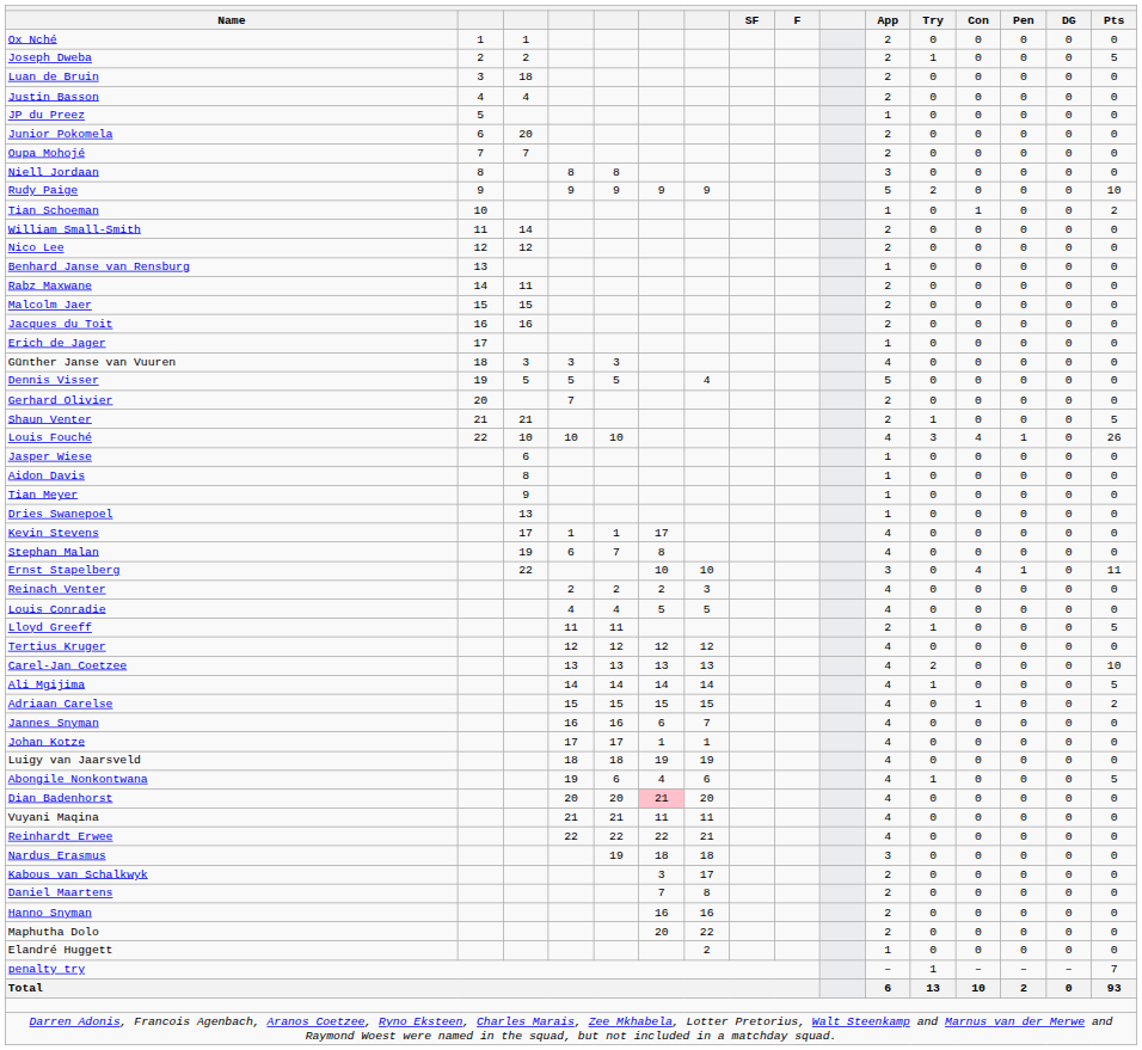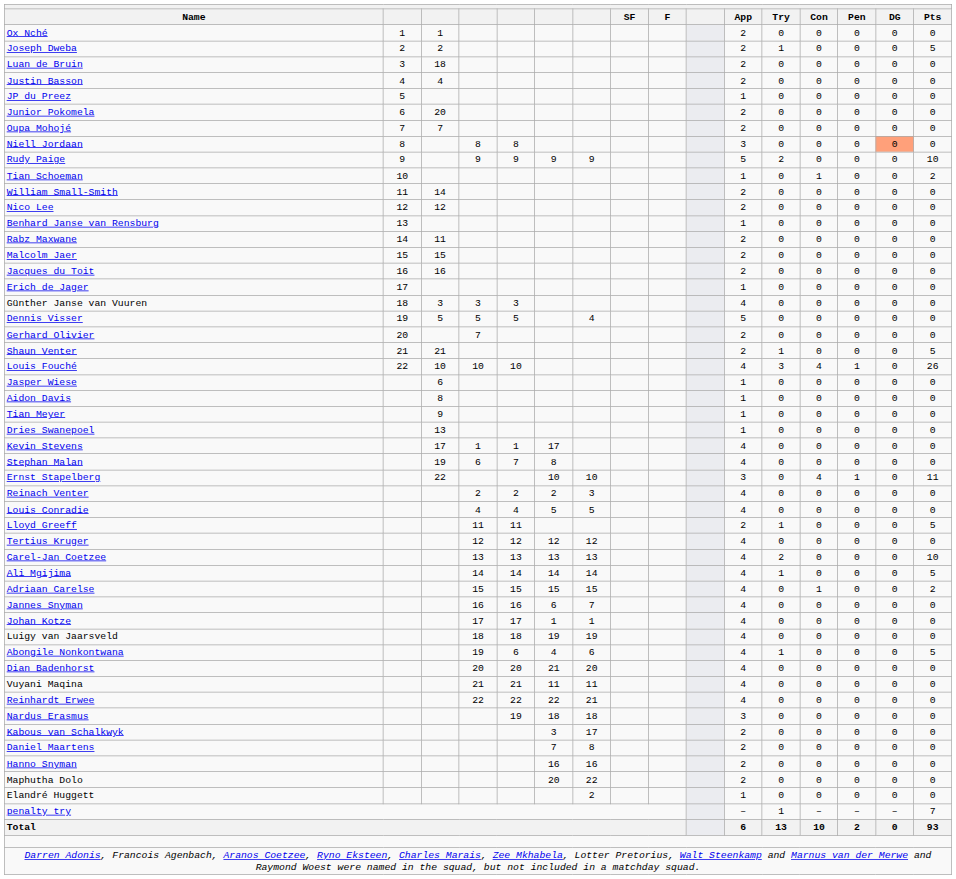 <table class="wikitable collapsible collapsed" style="text-align:center; font-size:100%; width:100%">
 <tr>
 <th colspan=16></th>
 </tr>
 <tr>
 <th style="width:40%;">Name</th>
 <th style="width:4%;"></th>
 <th style="width:4%;"></th>
 <th style="width:4%;"></th>
 <th style="width:4%;"></th>
 <th style="width:4%;"></th>
 <th style="width:4%;"></th>
 <th style="width:4%;">SF</th>
 <th style="width:4%;">F</th>
 <th style="width:4%;"></th>
 <th style="width:4%;">App</th>
 <th style="width:4%;">Try</th>
 <th style="width:4%;">Con</th>
 <th style="width:4%;">Pen</th>
 <th style="width:4%;">DG</th>
 <th style="width:4%;">Pts</th>
 </tr>
 <tr>
 <td style="text-align:left;"><a href='#'>Ox Nché</a></td>
 <td>1</td>
 <td>1</td>
 <td></td>
 <td></td>
 <td></td>
 <td></td>
 <td></td>
 <td></td>
 <td style="background:#EBECF0;"></td>
 <td>2</td>
 <td>0</td>
 <td>0</td>
 <td>0</td>
 <td>0</td>
 <td>0</td>
 </tr>
 <tr>
 <td style="text-align:left;"><a href='#'>Joseph Dweba</a></td>
 <td>2</td>
 <td>2</td>
 <td></td>
 <td></td>
 <td></td>
 <td></td>
 <td></td>
 <td></td>
 <td style="background:#EBECF0;"></td>
 <td>2</td>
 <td>1</td>
 <td>0</td>
 <td>0</td>
 <td>0</td>
 <td>5</td>
 </tr>
 <tr>
 <td style="text-align:left;"><a href='#'>Luan de Bruin</a></td>
 <td>3</td>
 <td>18 </td>
 <td></td>
 <td></td>
 <td></td>
 <td></td>
 <td></td>
 <td></td>
 <td style="background:#EBECF0;"></td>
 <td>2</td>
 <td>0</td>
 <td>0</td>
 <td>0</td>
 <td>0</td>
 <td>0</td>
 </tr>
 <tr>
 <td style="text-align:left;"><a href='#'>Justin Basson</a></td>
 <td>4</td>
 <td>4</td>
 <td></td>
 <td></td>
 <td></td>
 <td></td>
 <td></td>
 <td></td>
 <td style="background:#EBECF0;"></td>
 <td>2</td>
 <td>0</td>
 <td>0</td>
 <td>0</td>
 <td>0</td>
 <td>0</td>
 </tr>
 <tr>
 <td style="text-align:left;"><a href='#'>JP du Preez</a></td>
 <td>5</td>
 <td></td>
 <td></td>
 <td></td>
 <td></td>
 <td></td>
 <td></td>
 <td></td>
 <td style="background:#EBECF0;"></td>
 <td>1</td>
 <td>0</td>
 <td>0</td>
 <td>0</td>
 <td>0</td>
 <td>0</td>
 </tr>
 <tr>
 <td style="text-align:left;"><a href='#'>Junior Pokomela</a></td>
 <td>6</td>
 <td>20 </td>
 <td></td>
 <td></td>
 <td></td>
 <td></td>
 <td></td>
 <td></td>
 <td style="background:#EBECF0;"></td>
 <td>2</td>
 <td>0</td>
 <td>0</td>
 <td>0</td>
 <td>0</td>
 <td>0</td>
 </tr>
 <tr>
 <td style="text-align:left;"><a href='#'>Oupa Mohojé</a></td>
 <td>7</td>
 <td>7</td>
 <td></td>
 <td></td>
 <td></td>
 <td></td>
 <td></td>
 <td></td>
 <td style="background:#EBECF0;"></td>
 <td>2</td>
 <td>0</td>
 <td>0</td>
 <td>0</td>
 <td>0</td>
 <td>0</td>
 </tr>
 <tr>
 <td style="text-align:left;"><a href='#'>Niell Jordaan</a></td>
 <td>8</td>
 <td></td>
 <td>8</td>
 <td>8</td>
 <td></td>
 <td></td>
 <td></td>
 <td></td>
 <td style="background:#EBECF0;"></td>
 <td>3</td>
 <td>0</td>
 <td>0</td>
 <td>0</td>
-<td>0</td>
+<td style="background: lightsalmon;">0</td>
 <td>0</td>
 </tr>
 <tr>
 <td style="text-align:left;"><a href='#'>Rudy Paige</a></td>
 <td>9</td>
 <td></td>
 <td>9</td>
 <td>9</td>
 <td>9</td>
 <td>9</td>
 <td></td>
 <td></td>
 <td style="background:#EBECF0;"></td>
 <td>5</td>
 <td>2</td>
 <td>0</td>
 <td>0</td>
 <td>0</td>
 <td>10</td>
 </tr>
 <tr>
 <td style="text-align:left;"><a href='#'>Tian Schoeman</a></td>
 <td>10</td>
 <td></td>
 <td></td>
 <td></td>
 <td></td>
 <td></td>
 <td></td>
 <td></td>
 <td style="background:#EBECF0;"></td>
 <td>1</td>
 <td>0</td>
 <td>1</td>
 <td>0</td>
 <td>0</td>
 <td>2</td>
 </tr>
 <tr>
 <td style="text-align:left;"><a href='#'>William Small-Smith</a></td>
 <td>11</td>
 <td>14</td>
 <td></td>
 <td></td>
 <td></td>
 <td></td>
 <td></td>
 <td></td>
 <td style="background:#EBECF0;"></td>
 <td>2</td>
 <td>0</td>
 <td>0</td>
 <td>0</td>
 <td>0</td>
 <td>0</td>
 </tr>
 <tr>
 <td style="text-align:left;"><a href='#'>Nico Lee</a></td>
 <td>12</td>
 <td>12</td>
 <td></td>
 <td></td>
 <td></td>
 <td></td>
 <td></td>
 <td></td>
 <td style="background:#EBECF0;"></td>
 <td>2</td>
 <td>0</td>
 <td>0</td>
 <td>0</td>
 <td>0</td>
 <td>0</td>
 </tr>
 <tr>
 <td style="text-align:left;"><a href='#'>Benhard Janse van Rensburg</a></td>
 <td>13</td>
 <td></td>
 <td></td>
 <td></td>
 <td></td>
 <td></td>
 <td></td>
 <td></td>
 <td style="background:#EBECF0;"></td>
 <td>1</td>
 <td>0</td>
 <td>0</td>
 <td>0</td>
 <td>0</td>
 <td>0</td>
 </tr>
 <tr>
 <td style="text-align:left;"><a href='#'>Rabz Maxwane</a></td>
 <td>14</td>
 <td>11</td>
 <td></td>
 <td></td>
 <td></td>
 <td></td>
 <td></td>
 <td></td>
 <td style="background:#EBECF0;"></td>
 <td>2</td>
 <td>0</td>
 <td>0</td>
 <td>0</td>
 <td>0</td>
 <td>0</td>
 </tr>
 <tr>
 <td style="text-align:left;"><a href='#'>Malcolm Jaer</a></td>
 <td>15</td>
 <td>15</td>
 <td></td>
 <td></td>
 <td></td>
 <td></td>
 <td></td>
 <td></td>
 <td style="background:#EBECF0;"></td>
 <td>2</td>
 <td>0</td>
 <td>0</td>
 <td>0</td>
 <td>0</td>
 <td>0</td>
 </tr>
 <tr>
 <td style="text-align:left;"><a href='#'>Jacques du Toit</a></td>
 <td>16 </td>
 <td>16 </td>
 <td></td>
 <td></td>
 <td></td>
 <td></td>
 <td></td>
 <td></td>
 <td style="background:#EBECF0;"></td>
 <td>2</td>
 <td>0</td>
 <td>0</td>
 <td>0</td>
 <td>0</td>
 <td>0</td>
 </tr>
 <tr>
 <td style="text-align:left;"><a href='#'>Erich de Jager</a></td>
 <td>17 </td>
 <td></td>
 <td></td>
 <td></td>
 <td></td>
 <td></td>
 <td></td>
 <td></td>
 <td style="background:#EBECF0;"></td>
 <td>1</td>
 <td>0</td>
 <td>0</td>
 <td>0</td>
 <td>0</td>
 <td>0</td>
 </tr>
 <tr>
 <td style="text-align:left;">Günther Janse van Vuuren</td>
 <td>18 </td>
 <td>3</td>
 <td>3</td>
 <td>3</td>
 <td></td>
 <td></td>
 <td></td>
 <td></td>
 <td style="background:#EBECF0;"></td>
 <td>4</td>
 <td>0</td>
 <td>0</td>
 <td>0</td>
 <td>0</td>
 <td>0</td>
 </tr>
 <tr>
 <td style="text-align:left;"><a href='#'>Dennis Visser</a></td>
 <td>19 </td>
 <td>5</td>
 <td>5</td>
 <td>5</td>
 <td></td>
 <td>4</td>
 <td></td>
 <td></td>
 <td style="background:#EBECF0;"></td>
 <td>5</td>
 <td>0</td>
 <td>0</td>
 <td>0</td>
 <td>0</td>
 <td>0</td>
 </tr>
 <tr>
 <td style="text-align:left;"><a href='#'>Gerhard Olivier</a></td>
 <td>20 </td>
 <td></td>
 <td>7</td>
 <td></td>
 <td></td>
 <td></td>
 <td></td>
 <td></td>
 <td style="background:#EBECF0;"></td>
 <td>2</td>
 <td>0</td>
 <td>0</td>
 <td>0</td>
 <td>0</td>
 <td>0</td>
 </tr>
 <tr>
 <td style="text-align:left;"><a href='#'>Shaun Venter</a></td>
 <td>21 </td>
 <td>21 </td>
 <td></td>
 <td></td>
 <td></td>
 <td></td>
 <td></td>
 <td></td>
 <td style="background:#EBECF0;"></td>
 <td>2</td>
 <td>1</td>
 <td>0</td>
 <td>0</td>
 <td>0</td>
 <td>5</td>
 </tr>
 <tr>
 <td style="text-align:left;"><a href='#'>Louis Fouché</a></td>
 <td>22 </td>
 <td>10</td>
 <td>10</td>
 <td>10</td>
 <td></td>
 <td></td>
 <td></td>
 <td></td>
 <td style="background:#EBECF0;"></td>
 <td>4</td>
 <td>3</td>
 <td>4</td>
 <td>1</td>
 <td>0</td>
 <td>26</td>
 </tr>
 <tr>
 <td style="text-align:left;"><a href='#'>Jasper Wiese</a></td>
 <td></td>
 <td>6</td>
 <td></td>
 <td></td>
 <td></td>
 <td></td>
 <td></td>
 <td></td>
 <td style="background:#EBECF0;"></td>
 <td>1</td>
 <td>0</td>
 <td>0</td>
 <td>0</td>
 <td>0</td>
 <td>0</td>
 </tr>
 <tr>
 <td style="text-align:left;"><a href='#'>Aidon Davis</a></td>
 <td></td>
 <td>8</td>
 <td></td>
 <td></td>
 <td></td>
 <td></td>
 <td></td>
 <td></td>
 <td style="background:#EBECF0;"></td>
 <td>1</td>
 <td>0</td>
 <td>0</td>
 <td>0</td>
 <td>0</td>
 <td>0</td>
 </tr>
 <tr>
 <td style="text-align:left;"><a href='#'>Tian Meyer</a></td>
 <td></td>
 <td>9</td>
 <td></td>
 <td></td>
 <td></td>
 <td></td>
 <td></td>
 <td></td>
 <td style="background:#EBECF0;"></td>
 <td>1</td>
 <td>0</td>
 <td>0</td>
 <td>0</td>
 <td>0</td>
 <td>0</td>
 </tr>
 <tr>
 <td style="text-align:left;"><a href='#'>Dries Swanepoel</a></td>
 <td></td>
 <td>13</td>
 <td></td>
 <td></td>
 <td></td>
 <td></td>
 <td></td>
 <td></td>
 <td style="background:#EBECF0;"></td>
 <td>1</td>
 <td>0</td>
 <td>0</td>
 <td>0</td>
 <td>0</td>
 <td>0</td>
 </tr>
 <tr>
 <td style="text-align:left;"><a href='#'>Kevin Stevens</a></td>
 <td></td>
 <td>17 </td>
 <td>1</td>
 <td>1</td>
 <td>17 </td>
 <td></td>
 <td></td>
 <td></td>
 <td style="background:#EBECF0;"></td>
 <td>4</td>
 <td>0</td>
 <td>0</td>
 <td>0</td>
 <td>0</td>
 <td>0</td>
 </tr>
 <tr>
 <td style="text-align:left;"><a href='#'>Stephan Malan</a></td>
 <td></td>
 <td>19 </td>
 <td>6</td>
 <td>7</td>
 <td>8</td>
 <td></td>
 <td></td>
 <td></td>
 <td style="background:#EBECF0;"></td>
 <td>4</td>
 <td>0</td>
 <td>0</td>
 <td>0</td>
 <td>0</td>
 <td>0</td>
 </tr>
 <tr>
 <td style="text-align:left;"><a href='#'>Ernst Stapelberg</a></td>
 <td></td>
 <td>22 </td>
 <td></td>
 <td></td>
 <td>10</td>
 <td>10</td>
 <td></td>
 <td></td>
 <td style="background:#EBECF0;"></td>
 <td>3</td>
 <td>0</td>
 <td>4</td>
 <td>1</td>
 <td>0</td>
 <td>11</td>
 </tr>
 <tr>
 <td style="text-align:left;"><a href='#'>Reinach Venter</a></td>
 <td></td>
 <td></td>
 <td>2</td>
 <td>2</td>
 <td>2</td>
 <td>3</td>
 <td></td>
 <td></td>
 <td style="background:#EBECF0;"></td>
 <td>4</td>
 <td>0</td>
 <td>0</td>
 <td>0</td>
 <td>0</td>
 <td>0</td>
 </tr>
 <tr>
 <td style="text-align:left;"><a href='#'>Louis Conradie</a></td>
 <td></td>
 <td></td>
 <td>4</td>
 <td>4</td>
 <td>5</td>
 <td>5</td>
 <td></td>
 <td></td>
 <td style="background:#EBECF0;"></td>
 <td>4</td>
 <td>0</td>
 <td>0</td>
 <td>0</td>
 <td>0</td>
 <td>0</td>
 </tr>
 <tr>
 <td style="text-align:left;"><a href='#'>Lloyd Greeff</a></td>
 <td></td>
 <td></td>
 <td>11</td>
 <td>11</td>
 <td></td>
 <td></td>
 <td></td>
 <td></td>
 <td style="background:#EBECF0;"></td>
 <td>2</td>
 <td>1</td>
 <td>0</td>
 <td>0</td>
 <td>0</td>
 <td>5</td>
 </tr>
 <tr>
 <td style="text-align:left;"><a href='#'>Tertius Kruger</a></td>
 <td></td>
 <td></td>
 <td>12</td>
 <td>12</td>
 <td>12</td>
 <td>12</td>
 <td></td>
 <td></td>
 <td style="background:#EBECF0;"></td>
 <td>4</td>
 <td>0</td>
 <td>0</td>
 <td>0</td>
 <td>0</td>
 <td>0</td>
 </tr>
 <tr>
 <td style="text-align:left;"><a href='#'>Carel-Jan Coetzee</a></td>
 <td></td>
 <td></td>
 <td>13</td>
 <td>13</td>
 <td>13</td>
 <td>13</td>
 <td></td>
 <td></td>
 <td style="background:#EBECF0;"></td>
 <td>4</td>
 <td>2</td>
 <td>0</td>
 <td>0</td>
 <td>0</td>
 <td>10</td>
 </tr>
 <tr>
 <td style="text-align:left;"><a href='#'>Ali Mgijima</a></td>
 <td></td>
 <td></td>
 <td>14</td>
 <td>14</td>
 <td>14</td>
 <td>14</td>
 <td></td>
 <td></td>
 <td style="background:#EBECF0;"></td>
 <td>4</td>
 <td>1</td>
 <td>0</td>
 <td>0</td>
 <td>0</td>
 <td>5</td>
 </tr>
 <tr>
 <td style="text-align:left;"><a href='#'>Adriaan Carelse</a></td>
 <td></td>
 <td></td>
 <td>15</td>
 <td>15</td>
 <td>15</td>
 <td>15</td>
 <td></td>
 <td></td>
 <td style="background:#EBECF0;"></td>
 <td>4</td>
 <td>0</td>
 <td>1</td>
 <td>0</td>
 <td>0</td>
 <td>2</td>
 </tr>
 <tr>
 <td style="text-align:left;"><a href='#'>Jannes Snyman</a></td>
 <td></td>
 <td></td>
 <td>16 </td>
 <td>16 </td>
 <td>6</td>
 <td>7</td>
 <td></td>
 <td></td>
 <td style="background:#EBECF0;"></td>
 <td>4</td>
 <td>0</td>
 <td>0</td>
 <td>0</td>
 <td>0</td>
 <td>0</td>
 </tr>
 <tr>
 <td style="text-align:left;"><a href='#'>Johan Kotze</a></td>
 <td></td>
 <td></td>
 <td>17 </td>
 <td>17 </td>
 <td>1</td>
 <td>1</td>
 <td></td>
 <td></td>
 <td style="background:#EBECF0;"></td>
 <td>4</td>
 <td>0</td>
 <td>0</td>
 <td>0</td>
 <td>0</td>
 <td>0</td>
 </tr>
 <tr>
 <td style="text-align:left;">Luigy van Jaarsveld</td>
 <td></td>
 <td></td>
 <td>18 </td>
 <td>18 </td>
 <td>19 </td>
 <td>19 </td>
 <td></td>
 <td></td>
 <td style="background:#EBECF0;"></td>
 <td>4</td>
 <td>0</td>
 <td>0</td>
 <td>0</td>
 <td>0</td>
 <td>0</td>
 </tr>
 <tr>
 <td style="text-align:left;"><a href='#'>Abongile Nonkontwana</a></td>
 <td></td>
 <td></td>
 <td>19 </td>
 <td>6</td>
 <td>4</td>
 <td>6</td>
 <td></td>
 <td></td>
 <td style="background:#EBECF0;"></td>
 <td>4</td>
 <td>1</td>
 <td>0</td>
 <td>0</td>
 <td>0</td>
 <td>5</td>
 </tr>
 <tr>
 <td style="text-align:left;"><a href='#'>Dian Badenhorst</a></td>
 <td></td>
 <td></td>
 <td>20 </td>
 <td>20 </td>
-<td style="background: pink;">21 </td>
+<td>21 </td>
 <td>20 </td>
 <td></td>
 <td></td>
 <td style="background:#EBECF0;"></td>
 <td>4</td>
 <td>0</td>
 <td>0</td>
 <td>0</td>
 <td>0</td>
 <td>0</td>
 </tr>
 <tr>
 <td style="text-align:left;">Vuyani Maqina</td>
 <td></td>
 <td></td>
 <td>21 </td>
 <td>21 </td>
 <td>11</td>
 <td>11</td>
 <td></td>
 <td></td>
 <td style="background:#EBECF0;"></td>
 <td>4</td>
 <td>0</td>
 <td>0</td>
 <td>0</td>
 <td>0</td>
 <td>0</td>
 </tr>
 <tr>
 <td style="text-align:left;"><a href='#'>Reinhardt Erwee</a></td>
 <td></td>
 <td></td>
 <td>22 </td>
 <td>22 </td>
 <td>22 </td>
 <td>21 </td>
 <td></td>
 <td></td>
 <td style="background:#EBECF0;"></td>
 <td>4</td>
 <td>0</td>
 <td>0</td>
 <td>0</td>
 <td>0</td>
 <td>0</td>
 </tr>
 <tr>
 <td style="text-align:left;"><a href='#'>Nardus Erasmus</a></td>
 <td></td>
 <td></td>
 <td></td>
 <td>19 </td>
 <td>18 </td>
 <td>18 </td>
 <td></td>
 <td></td>
 <td style="background:#EBECF0;"></td>
 <td>3</td>
 <td>0</td>
 <td>0</td>
 <td>0</td>
 <td>0</td>
 <td>0</td>
 </tr>
 <tr>
 <td style="text-align:left;"><a href='#'>Kabous van Schalkwyk</a></td>
 <td></td>
 <td></td>
 <td></td>
 <td></td>
 <td>3</td>
 <td>17 </td>
 <td></td>
 <td></td>
 <td style="background:#EBECF0;"></td>
 <td>2</td>
 <td>0</td>
 <td>0</td>
 <td>0</td>
 <td>0</td>
 <td>0</td>
 </tr>
 <tr>
 <td style="text-align:left;"><a href='#'>Daniel Maartens</a></td>
 <td></td>
 <td></td>
 <td></td>
 <td></td>
 <td>7</td>
 <td>8</td>
 <td></td>
 <td></td>
 <td style="background:#EBECF0;"></td>
 <td>2</td>
 <td>0</td>
 <td>0</td>
 <td>0</td>
 <td>0</td>
 <td>0</td>
 </tr>
 <tr>
 <td style="text-align:left;"><a href='#'>Hanno Snyman</a></td>
 <td></td>
 <td></td>
 <td></td>
 <td></td>
 <td>16 </td>
 <td>16 </td>
 <td></td>
 <td></td>
 <td style="background:#EBECF0;"></td>
 <td>2</td>
 <td>0</td>
 <td>0</td>
 <td>0</td>
 <td>0</td>
 <td>0</td>
 </tr>
 <tr>
 <td style="text-align:left;">Maphutha Dolo</td>
 <td></td>
 <td></td>
 <td></td>
 <td></td>
 <td>20 </td>
 <td>22 </td>
 <td></td>
 <td></td>
 <td style="background:#EBECF0;"></td>
 <td>2</td>
 <td>0</td>
 <td>0</td>
 <td>0</td>
 <td>0</td>
 <td>0</td>
 </tr>
 <tr>
 <td style="text-align:left;">Elandré Huggett</td>
 <td></td>
 <td></td>
 <td></td>
 <td></td>
 <td></td>
 <td>2</td>
 <td></td>
 <td></td>
 <td style="background:#EBECF0;"></td>
 <td>1</td>
 <td>0</td>
 <td>0</td>
 <td>0</td>
 <td>0</td>
 <td>0</td>
 </tr>
 <tr>
 <td colspan="9" style="text-align:left;"><a href='#'>penalty try</a></td>
 <td style="background:#EBECF0;"></td>
 <td>–</td>
 <td>1</td>
 <td>–</td>
 <td>–</td>
 <td>–</td>
 <td>7</td>
 </tr>
 <tr>
 <th colspan="9" style="text-align:left;">Total</th>
 <th style="background:#EBECF0;"></th>
 <th>6</th>
 <th>13</th>
 <th>10</th>
 <th>2</th>
 <th>0</th>
 <th>93</th>
 </tr>
 <tr class="sortbottom">
 <td colspan=16 style="height: 10px;"></td>
 </tr>
 <tr class="sortbottom">
 <td colspan=16 style="text-align:center;"><em><a href='#'>Darren Adonis</a>, Francois Agenbach, <a href='#'>Aranos Coetzee</a>, <a href='#'>Ryno Eksteen</a>, <a href='#'>Charles Marais</a>, <a href='#'>Zee Mkhabela</a>, Lotter Pretorius, <a href='#'>Walt Steenkamp</a> and <a href='#'>Marnus van der Merwe</a> and Raymond Woest were named in the squad, but not included in a matchday squad.</em></td>
 </tr>
 </table>
